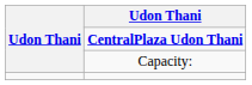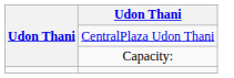 <table class="wikitable" style="text-align:center;">
 <tr>
 <th rowspan=3><a href='#'>Udon Thani</a></th>
 <th><a href='#'>Udon Thani</a></th>
 </tr>
 <tr>
-<td><strong><a href='#'>CentralPlaza Udon Thani</a></strong></td>
+<td><a href='#'>CentralPlaza Udon Thani</a></td>
 </tr>
 <tr>
 <td>Capacity:</td>
 </tr>
 <tr>
 <td></td>
 <td></td>
 </tr>
 </table>
